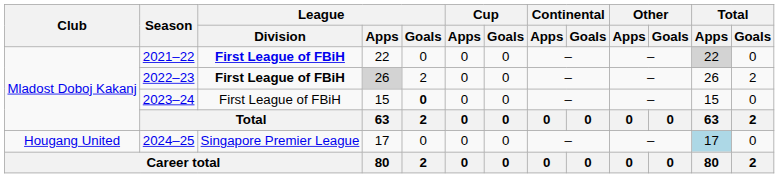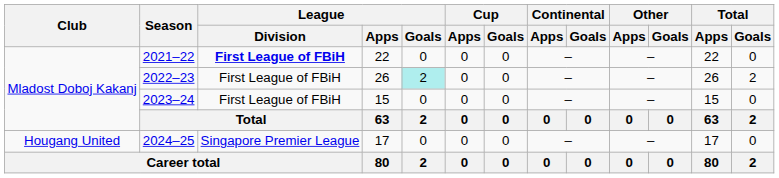 <table class="wikitable" style="text-align: center;">
 <tr>
 <th rowspan="2">Club</th>
 <th rowspan="2">Season</th>
 <th colspan="3">League</th>
 <th colspan="2">Cup</th>
 <th colspan="2">Continental</th>
 <th colspan="2">Other</th>
 <th colspan="2">Total</th>
 </tr>
 <tr>
 <th>Division</th>
 <th>Apps</th>
 <th>Goals</th>
 <th>Apps</th>
 <th>Goals</th>
 <th>Apps</th>
 <th>Goals</th>
 <th>Apps</th>
 <th>Goals</th>
 <th>Apps</th>
 <th>Goals</th>
 </tr>
 <tr>
 <td rowspan=4><a href='#'>Mladost Doboj Kakanj</a></td>
 <td><a href='#'>2021–22</a></td>
 <td><strong><a href='#'>First League of FBiH</a></strong></td>
 <td>22</td>
 <td>0</td>
 <td>0</td>
 <td>0</td>
 <td colspan=2>–</td>
 <td colspan=2>–</td>
-<td style="background: lightgrey;">22</td>
+<td>22</td>
 <td>0</td>
 </tr>
 <tr>
 <td><a href='#'>2022–23</a></td>
-<td><strong>First League of FBiH</strong></td>
-<td style="background: lightgrey;">26</td>
-<td>2</td>
+<td>First League of FBiH</td>
+<td>26</td>
+<td style="background: paleturquoise;">2</td>
 <td>0</td>
 <td>0</td>
 <td colspan=2>–</td>
 <td colspan=2>–</td>
 <td>26</td>
 <td>2</td>
 </tr>
 <tr>
 <td><a href='#'>2023–24</a></td>
 <td>First League of FBiH</td>
 <td>15</td>
-<td><strong>0</strong></td>
+<td>0</td>
 <td>0</td>
 <td>0</td>
 <td colspan=2>–</td>
 <td colspan=2>–</td>
 <td>15</td>
 <td>0</td>
 </tr>
 <tr>
 <th colspan=2>Total</th>
 <th>63</th>
 <th>2</th>
 <th>0</th>
 <th>0</th>
 <th>0</th>
 <th>0</th>
 <th>0</th>
 <th>0</th>
 <th>63</th>
 <th>2</th>
 </tr>
 <tr>
 <td><a href='#'>Hougang United</a></td>
 <td><a href='#'>2024–25</a></td>
 <td><a href='#'>Singapore Premier League</a></td>
 <td>17</td>
 <td>0</td>
 <td>0</td>
 <td>0</td>
 <td colspan=2>–</td>
 <td colspan=2>–</td>
-<td style="background: lightblue;">17</td>
+<td>17</td>
 <td>0</td>
 </tr>
 <tr>
 <th colspan="3">Career total</th>
 <th>80</th>
 <th>2</th>
 <th>0</th>
 <th>0</th>
 <th>0</th>
 <th>0</th>
 <th>0</th>
 <th>0</th>
 <th>80</th>
 <th>2</th>
 </tr>
 </table>
